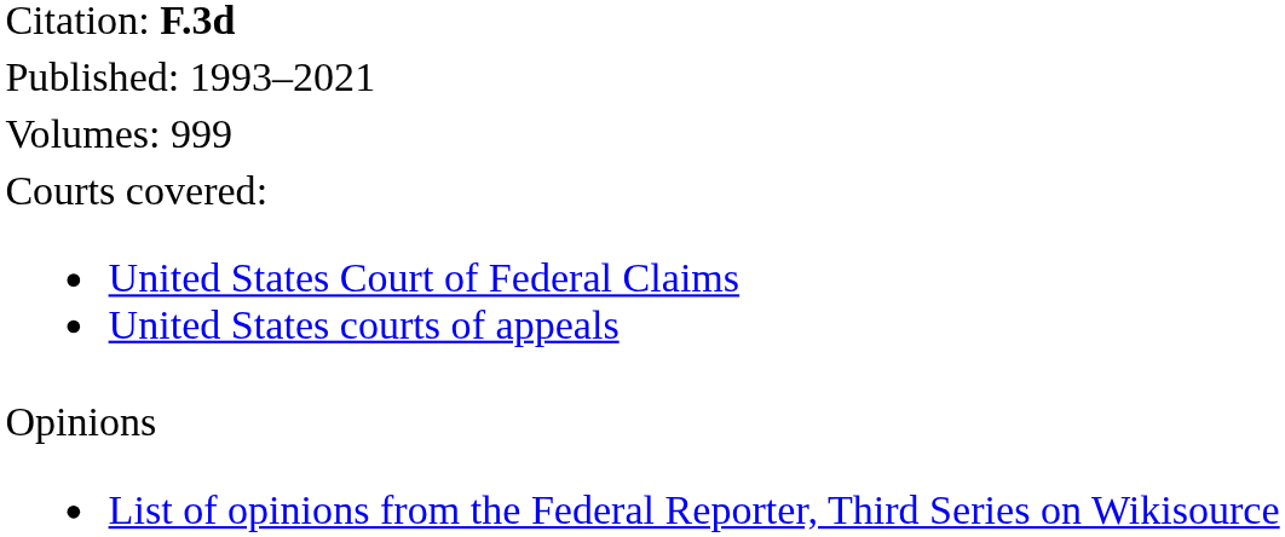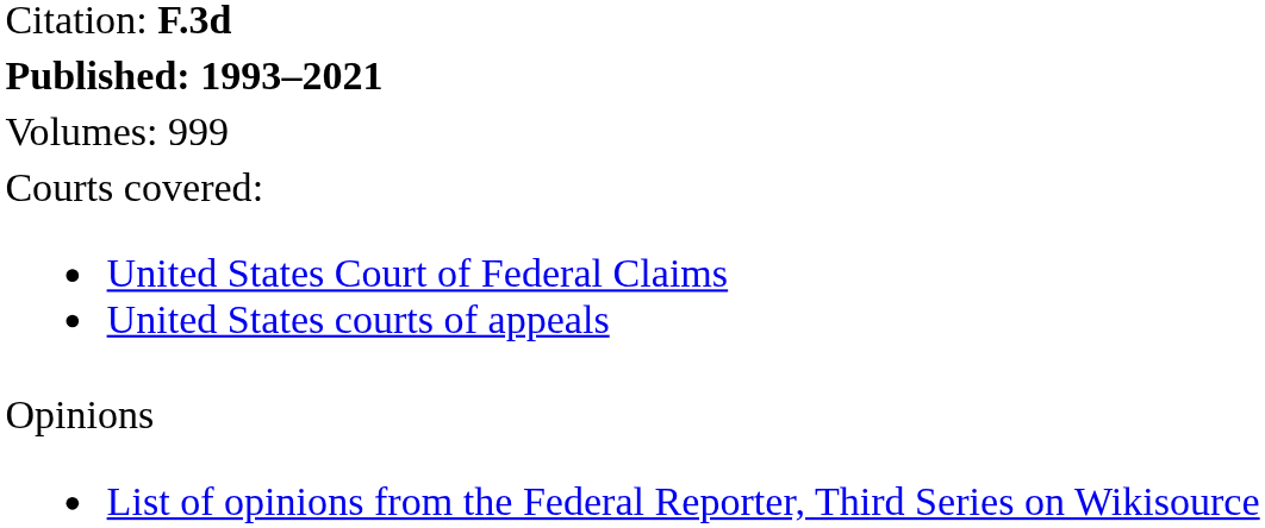 <table border=0>
 <tr>
 <td>Citation: <strong>F.3d</strong></td>
 </tr>
 <tr>
-<td>Published: 1993–2021</td>
+<td><strong>Published: 1993–2021</strong></td>
 </tr>
 <tr>
 <td>Volumes: 999</td>
 </tr>
 <tr>
 <td>Courts covered:<br><ul><li><a href='#'>United States Court of Federal Claims</a></li><li><a href='#'>United States courts of appeals</a></li></ul></td>
 </tr>
 <tr>
 <td>Opinions<br><ul><li><a href='#'>List of opinions from the Federal Reporter, Third Series on Wikisource</a></li></ul></td>
 </tr>
 </table>
